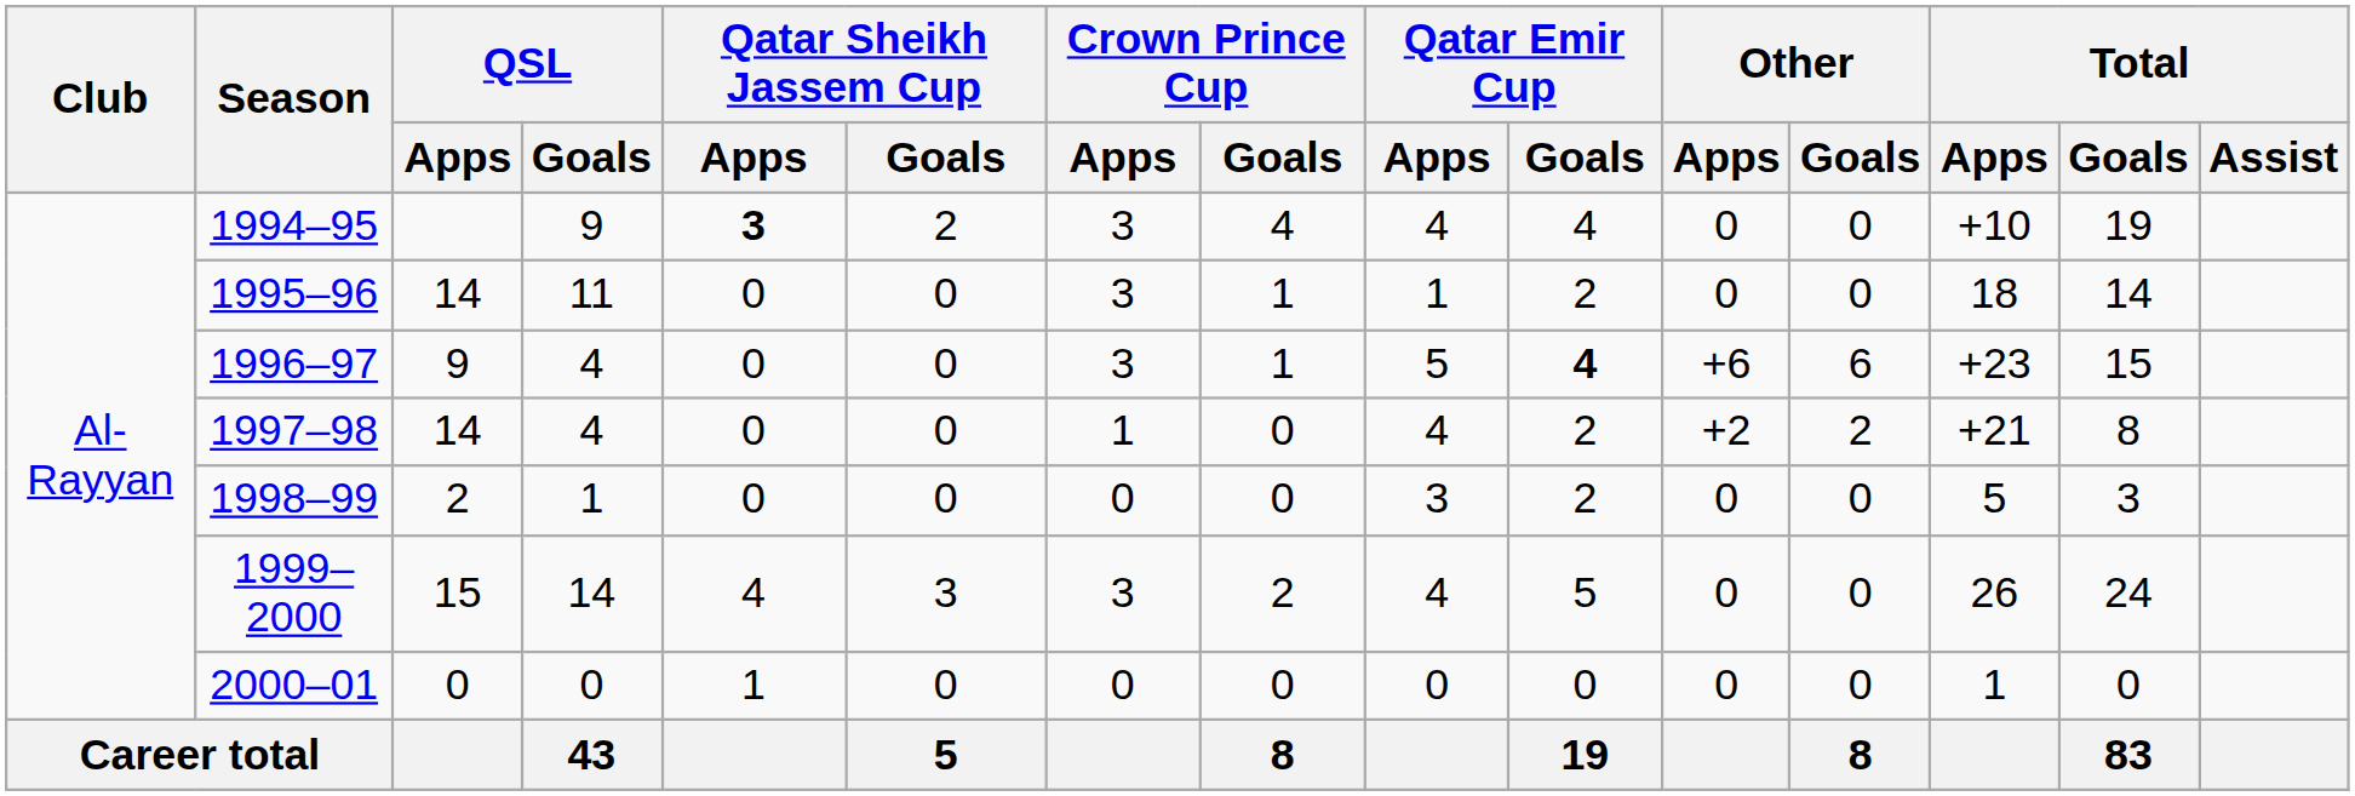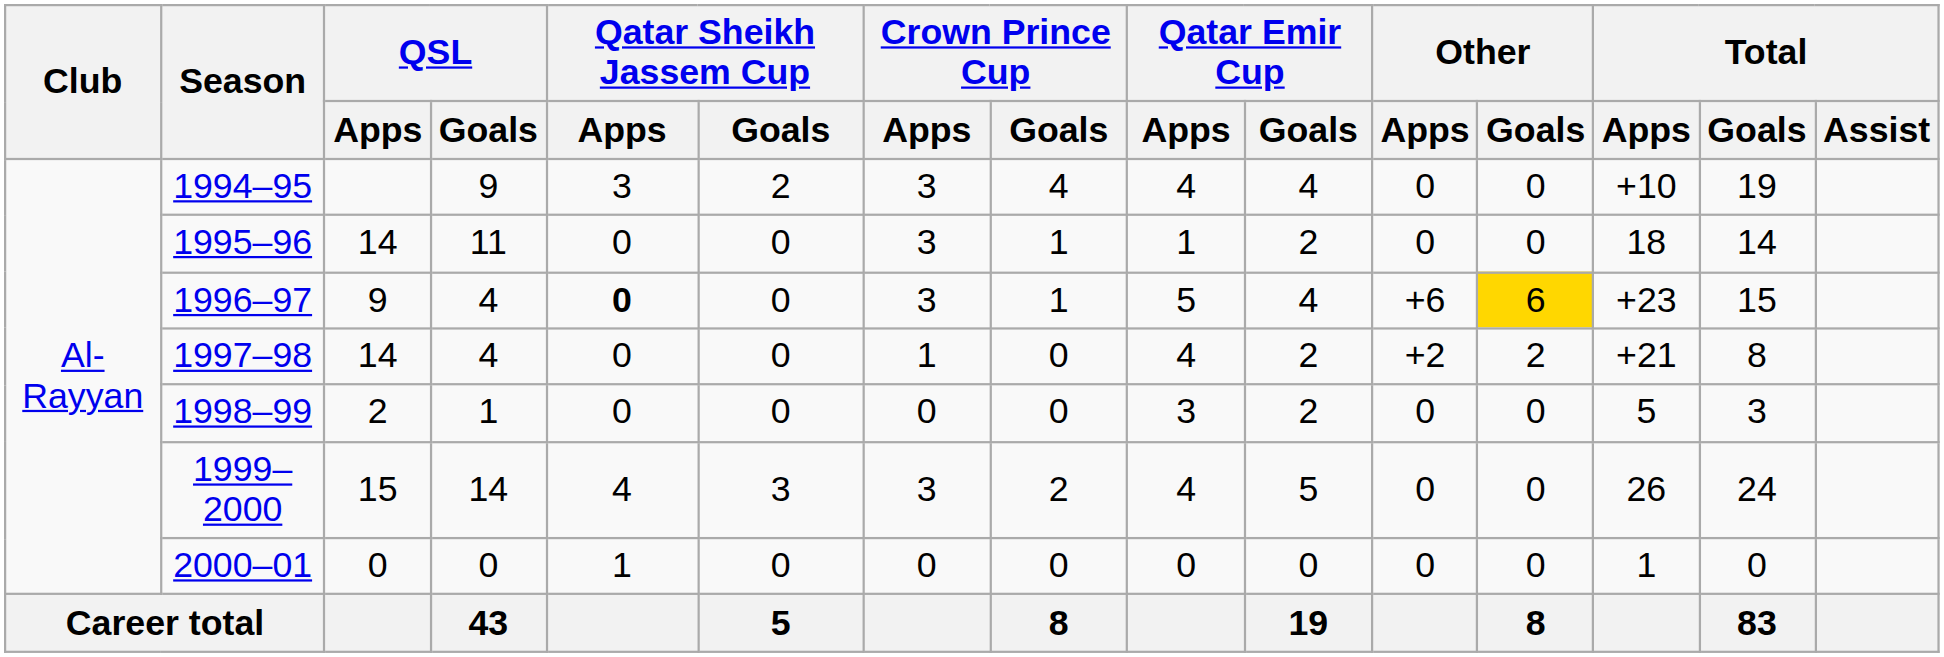 <table class="wikitable" style="text-align: center">
 <tr>
 <th rowspan="2">Club</th>
 <th rowspan="2">Season</th>
 <th colspan="2"><a href='#'>QSL</a></th>
 <th colspan="2"><a href='#'>Qatar Sheikh Jassem Cup</a></th>
 <th colspan="2"><a href='#'>Crown Prince Cup</a></th>
 <th colspan="2"><a href='#'>Qatar Emir Cup</a></th>
 <th colspan="2">Other</th>
 <th colspan="3">Total</th>
 </tr>
 <tr>
 <th>Apps</th>
 <th>Goals</th>
 <th>Apps</th>
 <th>Goals</th>
 <th>Apps</th>
 <th>Goals</th>
 <th>Apps</th>
 <th>Goals</th>
 <th>Apps</th>
 <th>Goals</th>
 <th>Apps</th>
 <th>Goals</th>
 <th>Assist</th>
 </tr>
 <tr>
 <td rowspan="7"><a href='#'>Al-Rayyan</a></td>
 <td><a href='#'>1994–95</a></td>
 <td></td>
 <td>9</td>
-<td><strong>3</strong></td>
+<td>3</td>
 <td>2</td>
 <td>3</td>
 <td>4</td>
 <td>4</td>
 <td>4</td>
 <td>0</td>
 <td>0</td>
 <td>+10</td>
 <td>19</td>
 <td></td>
 </tr>
 <tr>
 <td><a href='#'>1995–96</a></td>
 <td>14</td>
 <td>11</td>
 <td>0</td>
 <td>0</td>
 <td>3</td>
 <td>1</td>
 <td>1</td>
 <td>2</td>
 <td>0</td>
 <td>0</td>
 <td>18</td>
 <td>14</td>
 <td></td>
 </tr>
 <tr>
 <td><a href='#'>1996–97</a></td>
 <td>9</td>
 <td>4</td>
-<td>0</td>
+<td><strong>0</strong></td>
 <td>0</td>
 <td>3</td>
 <td>1</td>
 <td>5</td>
-<td><strong>4</strong></td>
+<td>4</td>
 <td>+6</td>
-<td>6</td>
+<td style="background: gold;">6</td>
 <td>+23</td>
 <td>15</td>
 <td></td>
 </tr>
 <tr>
 <td><a href='#'>1997–98</a></td>
 <td>14</td>
 <td>4</td>
 <td>0</td>
 <td>0</td>
 <td>1</td>
 <td>0</td>
 <td>4</td>
 <td>2</td>
 <td>+2</td>
 <td>2</td>
 <td>+21</td>
 <td>8</td>
 <td></td>
 </tr>
 <tr>
 <td><a href='#'>1998–99</a></td>
 <td>2</td>
 <td>1</td>
 <td>0</td>
 <td>0</td>
 <td>0</td>
 <td>0</td>
 <td>3</td>
 <td>2</td>
 <td>0</td>
 <td>0</td>
 <td>5</td>
 <td>3</td>
 <td></td>
 </tr>
 <tr>
 <td><a href='#'>1999–2000</a></td>
 <td>15</td>
 <td>14</td>
 <td>4</td>
 <td>3</td>
 <td>3</td>
 <td>2</td>
 <td>4</td>
 <td>5</td>
 <td>0</td>
 <td>0</td>
 <td>26</td>
 <td>24</td>
 <td></td>
 </tr>
 <tr>
 <td><a href='#'>2000–01</a></td>
 <td>0</td>
 <td>0</td>
 <td>1</td>
 <td>0</td>
 <td>0</td>
 <td>0</td>
 <td>0</td>
 <td>0</td>
 <td>0</td>
 <td>0</td>
 <td>1</td>
 <td>0</td>
 <td></td>
 </tr>
 <tr>
 <th colspan="2">Career total</th>
 <th></th>
 <th>43</th>
 <th></th>
 <th>5</th>
 <th></th>
 <th>8</th>
 <th></th>
 <th>19</th>
 <th></th>
 <th>8</th>
 <th></th>
 <th>83</th>
 <th></th>
 </tr>
 </table>
